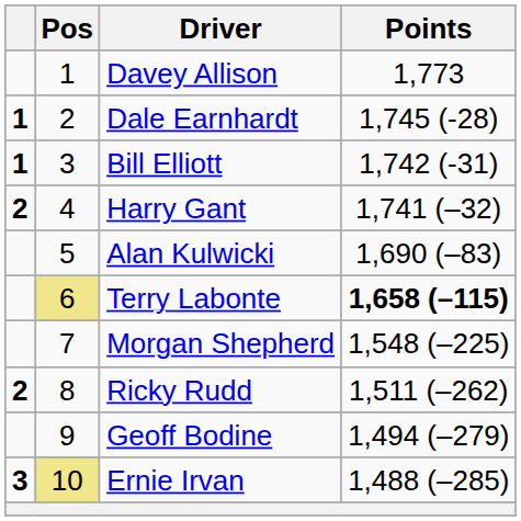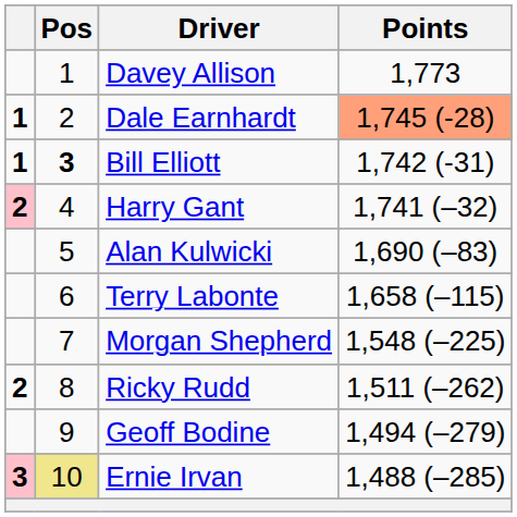 <table class="wikitable" style="font-size: 95%;">
 <tr>
 <th></th>
 <th>Pos</th>
 <th>Driver</th>
 <th>Points</th>
 </tr>
 <tr>
 <td align="left"></td>
 <td style="text-align:center;">1</td>
 <td><a href='#'>Davey Allison</a></td>
 <td style="text-align:center;">1,773</td>
 </tr>
 <tr>
 <td align="left"> <strong>1</strong></td>
 <td style="text-align:center;">2</td>
 <td><a href='#'>Dale Earnhardt</a></td>
-<td style="text-align:center;">1,745 (-28)</td>
+<td style="background: lightsalmon; text-align:center;">1,745 (-28)</td>
 </tr>
 <tr>
 <td align="left"> <strong>1</strong></td>
-<td style="text-align:center;">3</td>
+<td style="text-align:center;"><strong>3</strong></td>
 <td><a href='#'>Bill Elliott</a></td>
 <td style="text-align:center;">1,742 (-31)</td>
 </tr>
 <tr>
-<td align="left"> <strong>2</strong></td>
+<td align="left" style="background: pink;"> <strong>2</strong></td>
 <td style="text-align:center;">4</td>
 <td><a href='#'>Harry Gant</a></td>
 <td style="text-align:center;">1,741 (–32)</td>
 </tr>
 <tr>
 <td align="left"></td>
 <td style="text-align:center;">5</td>
 <td><a href='#'>Alan Kulwicki</a></td>
 <td style="text-align:center;">1,690 (–83)</td>
 </tr>
 <tr>
 <td align="left"></td>
-<td style="background: khaki; text-align:center;">6</td>
+<td style="text-align:center;">6</td>
 <td><a href='#'>Terry Labonte</a></td>
-<td style="text-align:center;"><strong>1,658 (–115)</strong></td>
+<td style="text-align:center;">1,658 (–115)</td>
 </tr>
 <tr>
 <td align="left"></td>
 <td style="text-align:center;">7</td>
 <td><a href='#'>Morgan Shepherd</a></td>
 <td style="text-align:center;">1,548 (–225)</td>
 </tr>
 <tr>
 <td align="left"> <strong>2</strong></td>
 <td style="text-align:center;">8</td>
 <td><a href='#'>Ricky Rudd</a></td>
 <td style="text-align:center;">1,511 (–262)</td>
 </tr>
 <tr>
 <td align="left"></td>
 <td style="text-align:center;">9</td>
 <td><a href='#'>Geoff Bodine</a></td>
 <td style="text-align:center;">1,494 (–279)</td>
 </tr>
 <tr>
-<td align="left"> <strong>3</strong></td>
+<td align="left" style="background: pink;"> <strong>3</strong></td>
 <td style="background: khaki; text-align:center;">10</td>
 <td><a href='#'>Ernie Irvan</a></td>
 <td style="text-align:center;">1,488 (–285)</td>
 </tr>
 <tr class="sortbottom">
 <th colspan="9"></th>
 </tr>
 </table>
